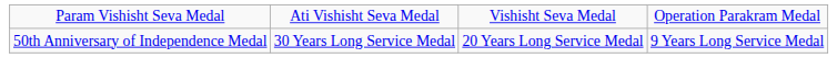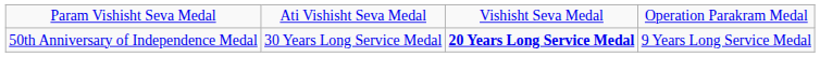 <table class="wikitable" style="margin:1em auto; text-align:center;">
 <tr>
 <td><a href='#'>Param Vishisht Seva Medal</a></td>
 <td><a href='#'>Ati Vishisht Seva Medal</a></td>
 <td><a href='#'>Vishisht Seva Medal</a></td>
 <td><a href='#'>Operation Parakram Medal</a></td>
 </tr>
 <tr>
 <td><a href='#'>50th Anniversary of Independence Medal</a></td>
 <td><a href='#'>30 Years Long Service Medal</a></td>
-<td><a href='#'>20 Years Long Service Medal</a></td>
+<td><strong><a href='#'>20 Years Long Service Medal</a></strong></td>
 <td><a href='#'>9 Years Long Service Medal</a></td>
 </tr>
 </table>
